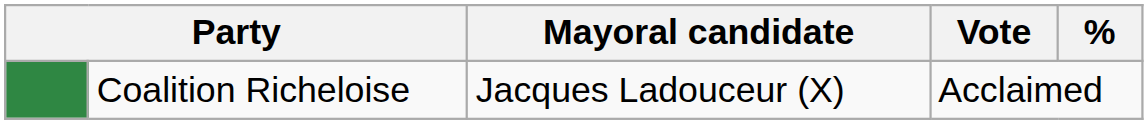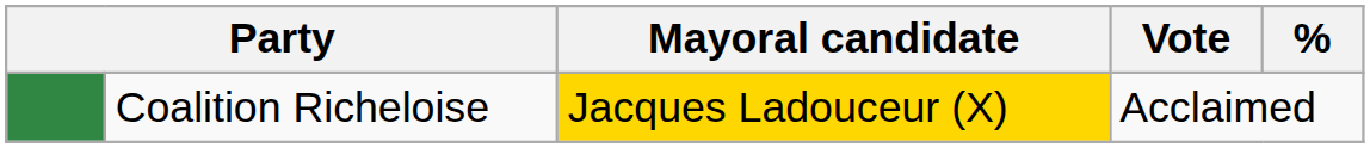 <table class="wikitable">
 <tr>
 <th bgcolor="#DDDDFF" width="200px" colspan="2">Party</th>
 <th bgcolor="#DDDDFF" width="200px">Mayoral candidate</th>
 <th bgcolor="#DDDDFF" width="50px">Vote</th>
 <th bgcolor="#DDDDFF" width="30px">%</th>
 </tr>
 <tr>
 <td bgcolor=#2F8743 width="30px"> </td>
 <td>Coalition Richeloise</td>
-<td>Jacques Ladouceur  (X)</td>
+<td style="background: gold;">Jacques Ladouceur  (X)</td>
 <td colspan="2">Acclaimed</td>
 </tr>
 </table>
